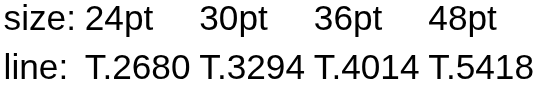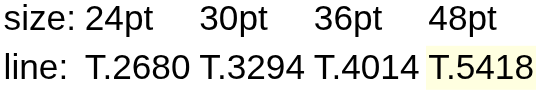 <table style="margin-left:40px;">
 <tr>
 <td>size:</td>
 <td>24pt</td>
 <td>30pt</td>
 <td>36pt</td>
 <td>48pt</td>
 </tr>
 <tr>
 <td>line:</td>
 <td>T.2680</td>
 <td>T.3294</td>
 <td>T.4014</td>
-<td>T.5418</td>
+<td style="background: lightyellow;">T.5418</td>
 </tr>
 </table>
